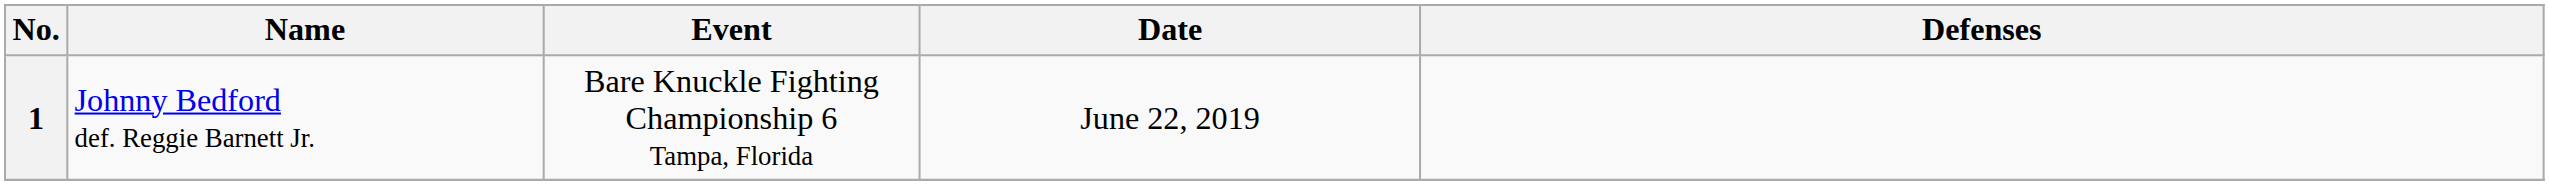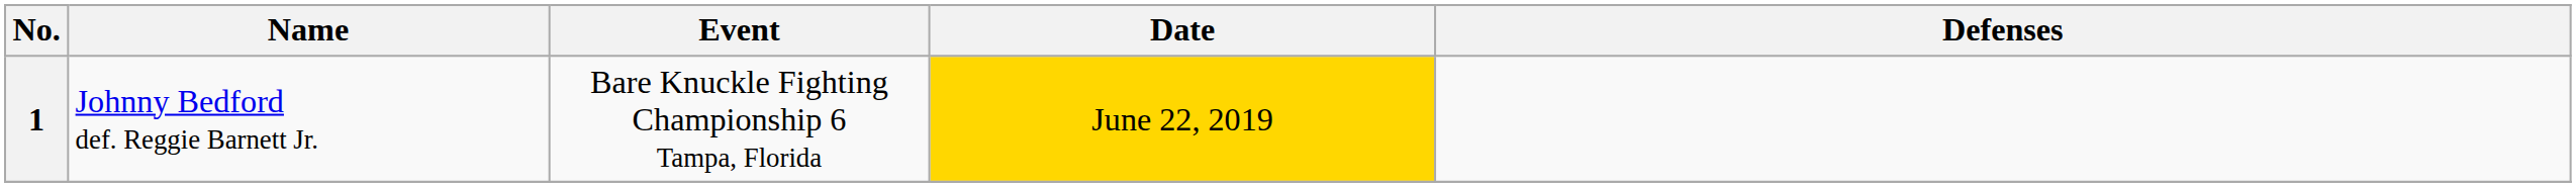 <table class="wikitable" width=100%>
 <tr>
 <th width=1%>No.</th>
 <th width=19%>Name</th>
 <th width=15%>Event</th>
 <th width=20%>Date</th>
 <th width=45%>Defenses</th>
 </tr>
 <tr>
 <th>1</th>
 <td align=left> <a href='#'>Johnny Bedford</a> <br><small>def. Reggie Barnett Jr.</small></td>
 <td align=center>Bare Knuckle Fighting Championship 6<br><small>Tampa, Florida</small></td>
-<td align=center>June 22, 2019</td>
+<td align=center style="background: gold;">June 22, 2019</td>
 <td></td>
 </tr>
 <tr>
 </tr>
 </table>
